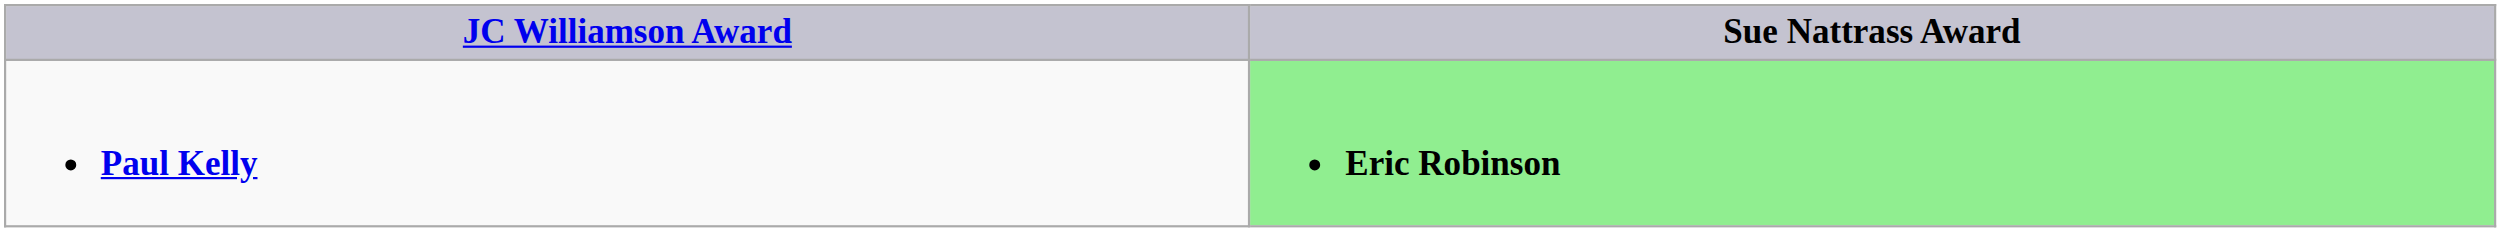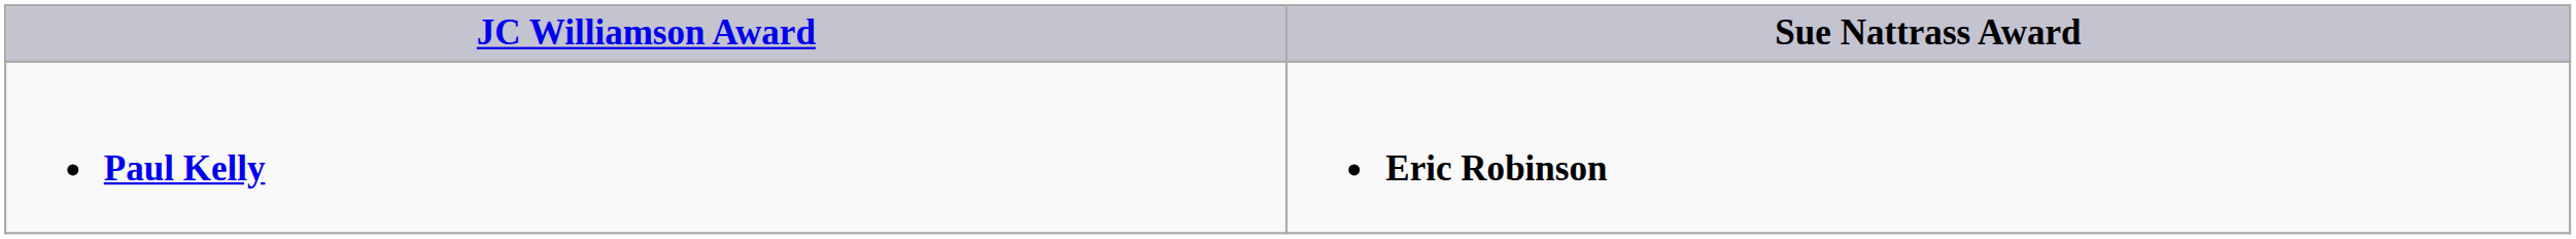 <table class=wikitable width="90%" border="1" cellpadding="5" cellspacing="0" align="centre">
 <tr>
 <th style="background:#C4C3D0;width:50%"><a href='#'>JC Williamson Award</a></th>
 <th style="background:#C4C3D0;width:50%">Sue Nattrass Award</th>
 </tr>
 <tr>
 <td valign="top"><br><ul><li><strong><a href='#'>Paul Kelly</a></strong></li></ul></td>
-<td valign="top" style="background: lightgreen;"><br><ul><li><strong>Eric Robinson</strong></li></ul></td>
+<td valign="top"><br><ul><li><strong>Eric Robinson</strong></li></ul></td>
 </tr>
 </table>
